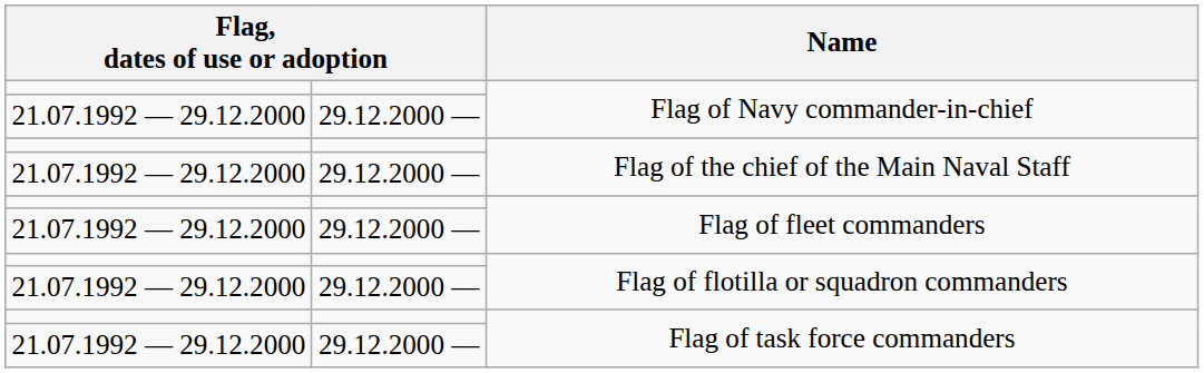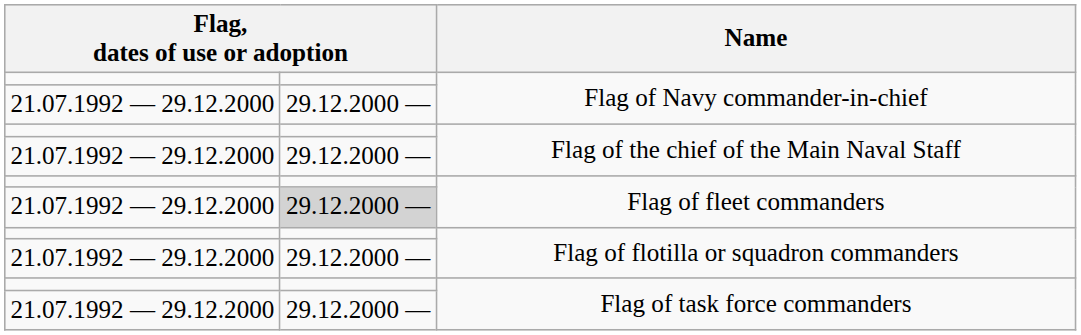 <table class="wikitable">
 <tr>
 <th colspan=2; width="200">Flag,<br>dates of use or adoption</th>
 <th width="400">Name</th>
 </tr>
 <tr style="text-align:center;">
 <td></td>
 <td></td>
 <td rowspan=2>Flag of Navy commander-in-chief</td>
 </tr>
 <tr style="text-align:center;">
 <td>21.07.1992 — 29.12.2000</td>
 <td>29.12.2000 —</td>
 </tr>
 <tr style="text-align:center;">
 <td></td>
 <td></td>
 <td rowspan=2>Flag of the chief of the Main Naval Staff</td>
 </tr>
 <tr style="text-align:center;">
 <td>21.07.1992 — 29.12.2000</td>
 <td>29.12.2000 —</td>
 </tr>
 <tr style="text-align:center;">
 <td></td>
 <td></td>
 <td rowspan=2>Flag of fleet commanders</td>
 </tr>
 <tr style="text-align:center;">
 <td>21.07.1992 — 29.12.2000</td>
-<td>29.12.2000 —</td>
+<td style="background: lightgrey;">29.12.2000 —</td>
 </tr>
 <tr style="text-align:center;">
 <td></td>
 <td></td>
 <td rowspan=2>Flag of flotilla or squadron commanders</td>
 </tr>
 <tr style="text-align:center;">
 <td>21.07.1992 — 29.12.2000</td>
 <td>29.12.2000 —</td>
 </tr>
 <tr style="text-align:center;">
 <td></td>
 <td></td>
 <td rowspan=2>Flag of task force commanders</td>
 </tr>
 <tr style="text-align:center;">
 <td>21.07.1992 — 29.12.2000</td>
 <td>29.12.2000 —</td>
 </tr>
 </table>
